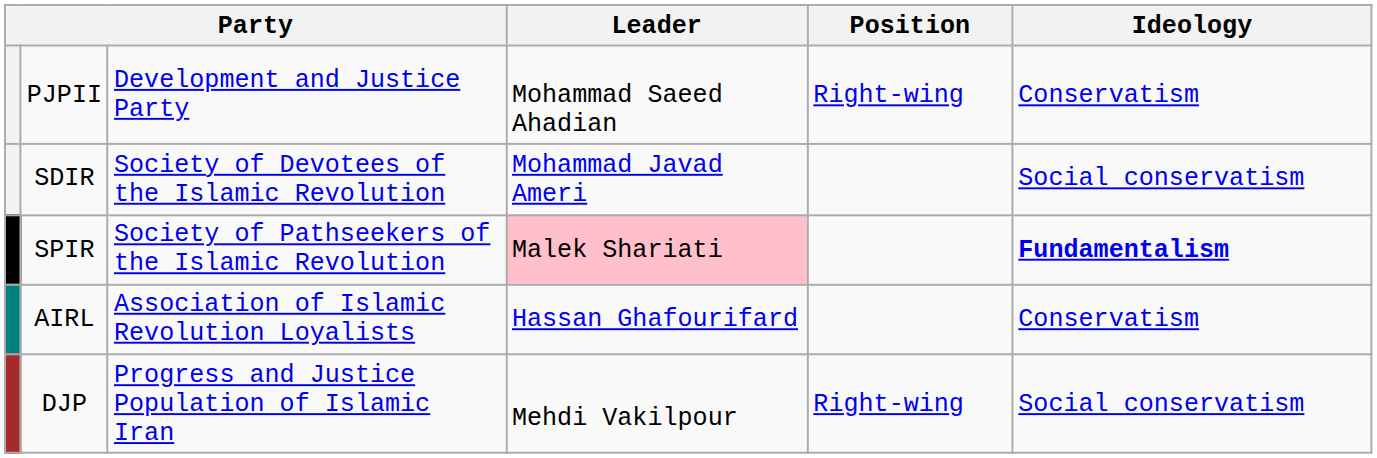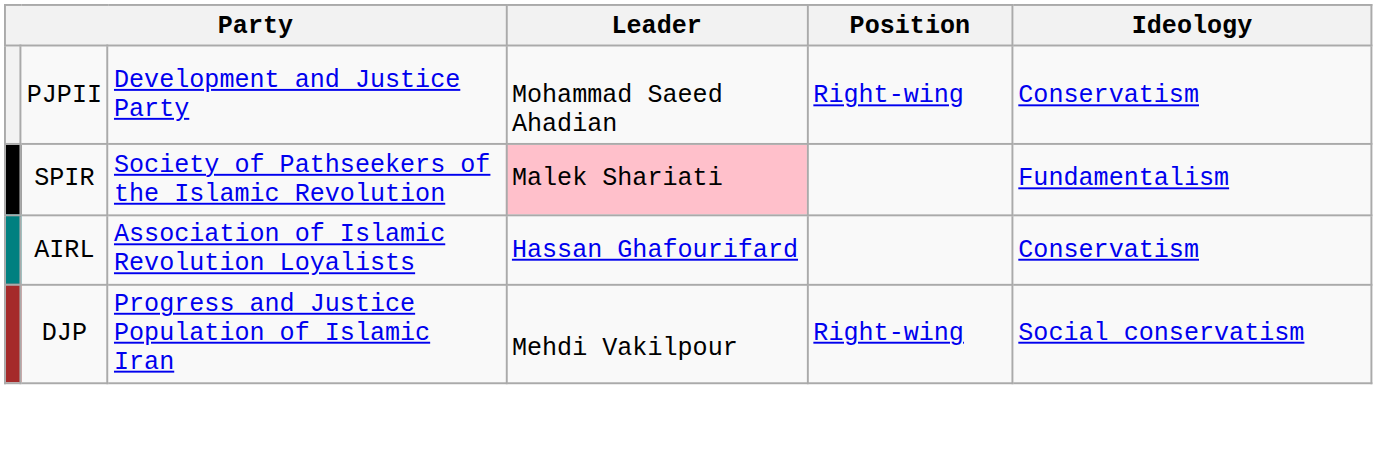 <table class="wikitable">
 <tr>
 <th colspan=3>Party</th>
 <th>Leader</th>
 <th>Position</th>
 <th>Ideology</th>
 </tr>
 <tr>
 <th style="background:"></th>
 <td align=center>PJPII</td>
 <td style="width:200px"><a href='#'>Development and Justice Party</a></td>
 <td style="width:150px"><br>Mohammad Saeed Ahadian</td>
 <td style="width:100px"><a href='#'>Right-wing</a></td>
 <td style="width:180px"><a href='#'>Conservatism</a></td>
 </tr>
 <tr>
-<th style="background:"></th>
-<td align=center>SDIR</td>
-<td><a href='#'>Society of Devotees of the Islamic Revolution</a></td>
-<td><a href='#'>Mohammad Javad Ameri</a></td>
-<td></td>
-<td><a href='#'>Social conservatism</a></td>
-</tr>
-<tr>
 <th style="background:black; width:2px;"></th>
 <td align=center>SPIR</td>
 <td><a href='#'>Society of Pathseekers of the Islamic Revolution</a></td>
 <td style="background: pink;">Malek Shariati</td>
 <td></td>
-<td><strong><a href='#'>Fundamentalism</a></strong></td>
+<td><a href='#'>Fundamentalism</a></td>
 </tr>
 <tr>
 <th style="background:Teal; width:2px;"></th>
 <td align=center>AIRL</td>
 <td><a href='#'>Association of Islamic Revolution Loyalists</a></td>
 <td><a href='#'>Hassan Ghafourifard</a></td>
 <td></td>
 <td><a href='#'>Conservatism</a></td>
 </tr>
 <tr>
 <th style="background:Brown; width:2px;"></th>
 <td align=center>DJP</td>
 <td style="width:200px"><a href='#'>Progress and Justice Population of Islamic Iran</a></td>
 <td style="width:150px"><br>Mehdi Vakilpour</td>
 <td style="width:100px"><a href='#'>Right-wing</a></td>
 <td><a href='#'>Social conservatism</a></td>
 </tr>
 </table>
